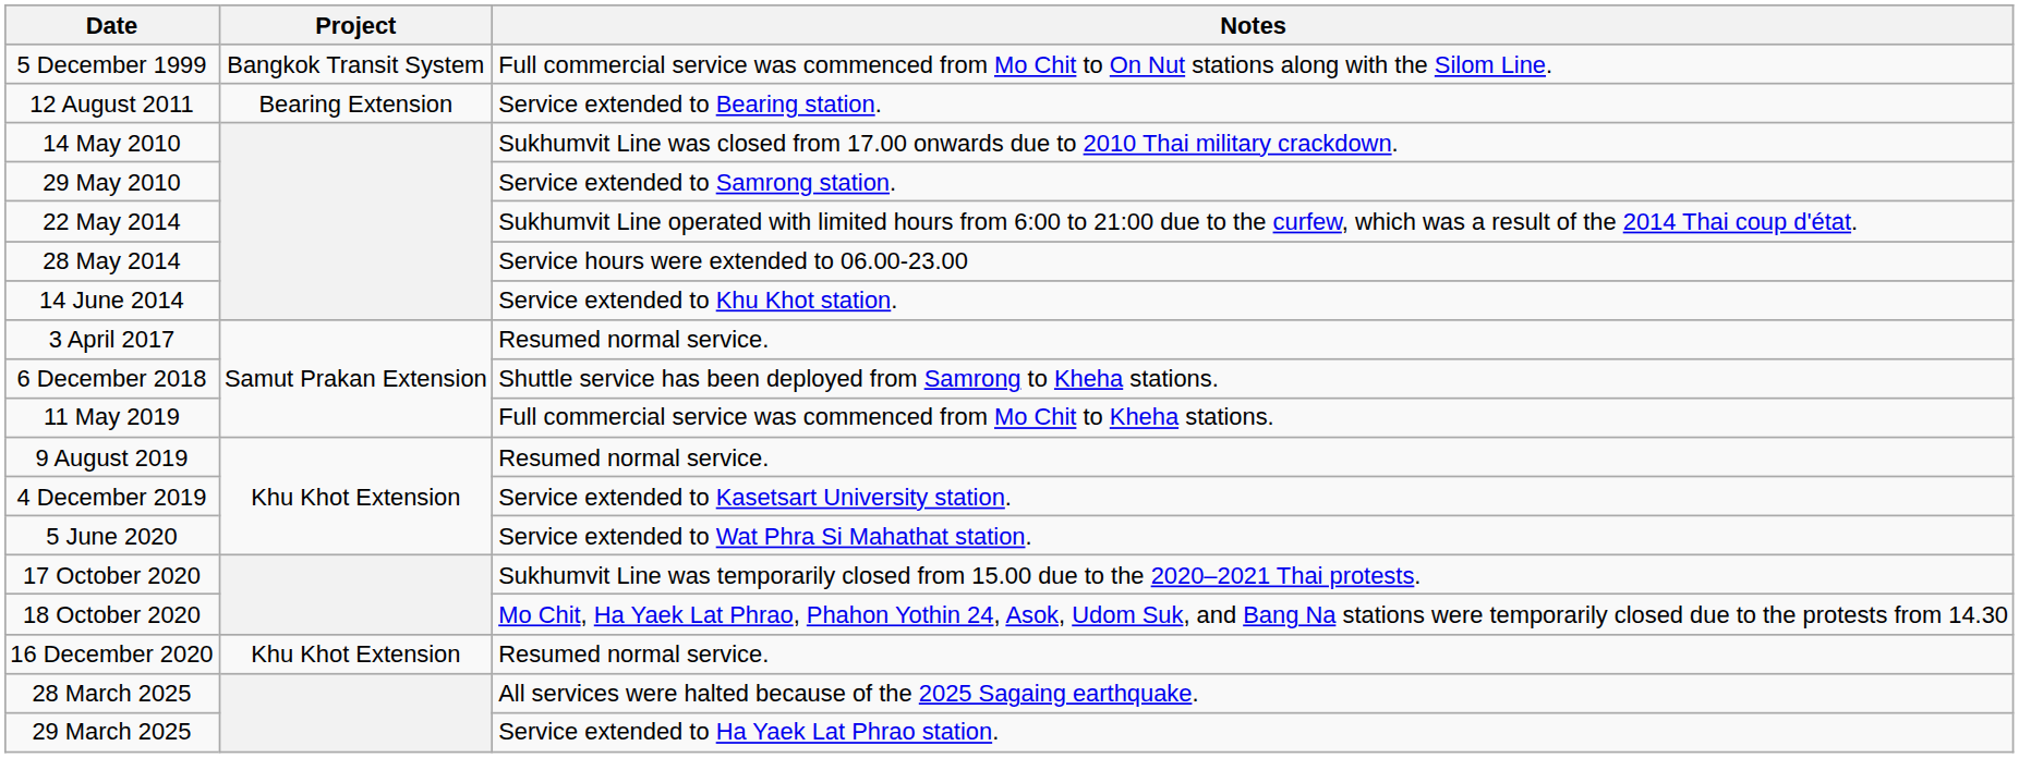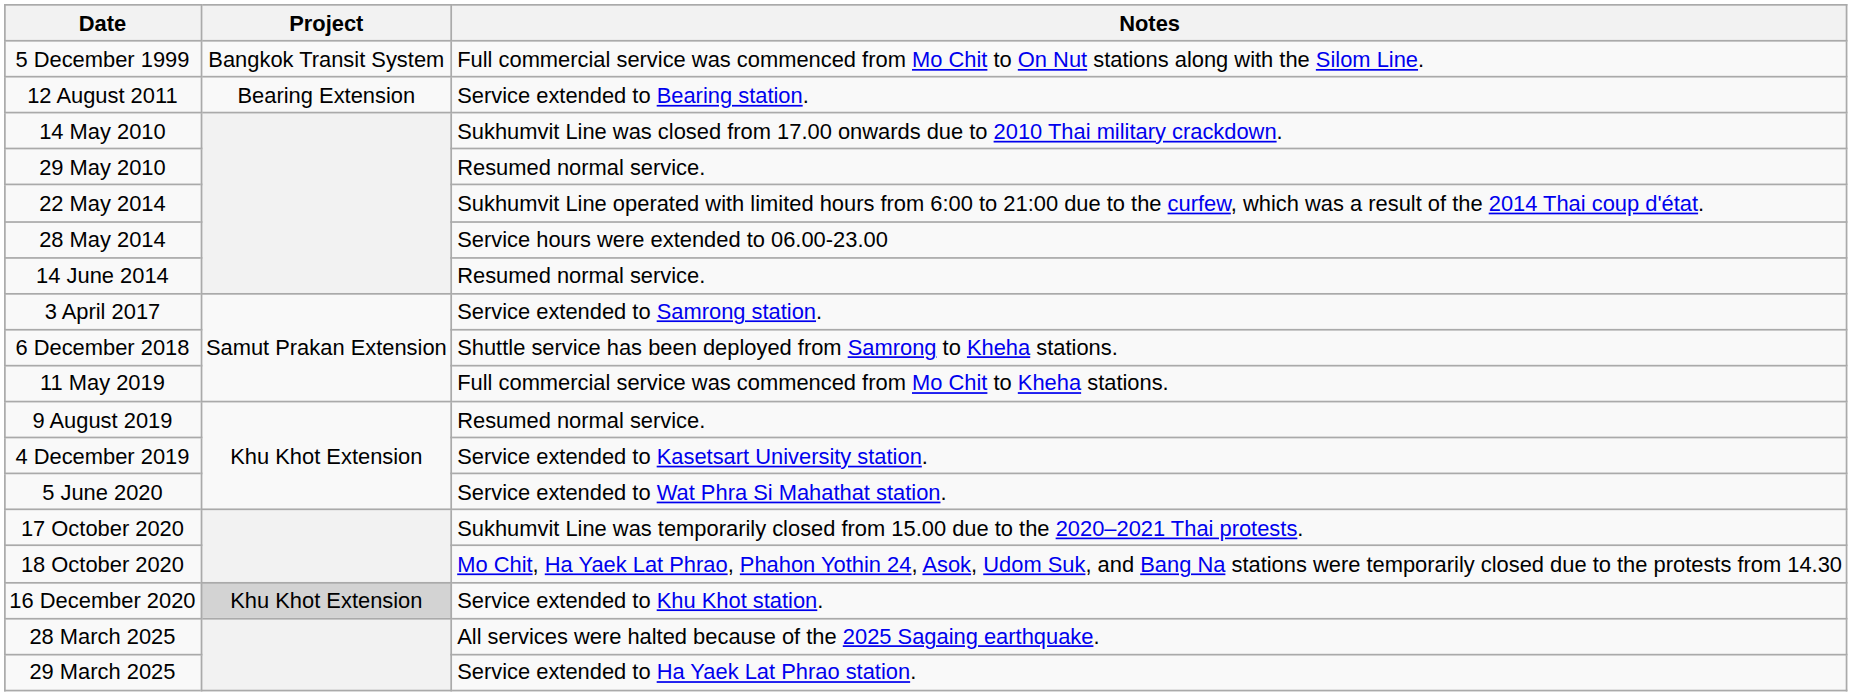 <table class="wikitable" style="margin:auto;font-align:center;text-align:center;font-size:80%;">
 <tr>
 <th style="background:#">Date</th>
 <th style="background:#">Project</th>
 <th style="background:#">Notes</th>
 </tr>
 <tr>
 <td>5 December 1999</td>
 <td>Bangkok Transit System</td>
 <td align="left">Full commercial service was commenced from <a href='#'>Mo Chit</a> to <a href='#'>On Nut</a> stations along with the <a href='#'>Silom Line</a>.</td>
 </tr>
 <tr>
 <td>12 August 2011</td>
 <td>Bearing Extension</td>
 <td align="left">Service extended to <a href='#'>Bearing station</a>.</td>
 </tr>
 <tr>
 <td>14 May 2010</td>
 <th rowspan="5"></th>
 <td align="left">Sukhumvit Line was closed from 17.00 onwards due to <a href='#'>2010 Thai military crackdown</a>.</td>
 </tr>
 <tr>
 <td>29 May 2010</td>
-<td align="left">Service extended to <a href='#'>Samrong station</a>.</td>
+<td align="left">Resumed normal service.</td>
 </tr>
 <tr>
 <td>22 May 2014</td>
 <td align="left">Sukhumvit Line operated with limited hours from 6:00 to 21:00 due to the <a href='#'>curfew</a>, which was a result of the <a href='#'>2014 Thai coup d'état</a>.</td>
 </tr>
 <tr>
 <td>28 May 2014</td>
 <td align="left">Service hours were extended to 06.00-23.00</td>
 </tr>
 <tr>
 <td>14 June 2014</td>
-<td align="left">Service extended to <a href='#'>Khu Khot station</a>.</td>
+<td align="left">Resumed normal service.</td>
 </tr>
 <tr>
 <td>3 April 2017</td>
 <td rowspan="3">Samut Prakan Extension</td>
-<td align="left">Resumed normal service.</td>
+<td align="left">Service extended to <a href='#'>Samrong station</a>.</td>
 </tr>
 <tr>
 <td>6 December 2018</td>
 <td align="left">Shuttle service has been deployed from <a href='#'>Samrong</a> to <a href='#'>Kheha</a> stations.</td>
 </tr>
 <tr>
 <td>11 May 2019</td>
 <td align="left">Full commercial service was commenced from <a href='#'>Mo Chit</a> to <a href='#'>Kheha</a> stations.</td>
 </tr>
 <tr>
 <td>9 August 2019</td>
 <td rowspan="3">Khu Khot Extension</td>
 <td align="left">Resumed normal service.</td>
 </tr>
 <tr>
 <td>4 December 2019</td>
 <td align="left">Service extended to <a href='#'>Kasetsart University station</a>.</td>
 </tr>
 <tr>
 <td>5 June 2020</td>
 <td align="left">Service extended to <a href='#'>Wat Phra Si Mahathat station</a>.</td>
 </tr>
 <tr>
 <td>17 October 2020</td>
 <th rowspan="2"></th>
 <td align="left">Sukhumvit Line was temporarily closed from 15.00 due to the <a href='#'>2020–2021 Thai protests</a>.</td>
 </tr>
 <tr>
 <td>18 October 2020</td>
 <td align="left"><a href='#'>Mo Chit</a>, <a href='#'>Ha Yaek Lat Phrao</a>, <a href='#'>Phahon Yothin 24</a>, <a href='#'>Asok</a>, <a href='#'>Udom Suk</a>, and <a href='#'>Bang Na</a> stations were temporarily closed due to the protests from 14.30</td>
 </tr>
 <tr>
 <td>16 December 2020</td>
-<td>Khu Khot Extension</td>
-<td align="left">Resumed normal service.</td>
+<td style="background: lightgrey;">Khu Khot Extension</td>
+<td align="left">Service extended to <a href='#'>Khu Khot station</a>.</td>
 </tr>
 <tr>
 <td>28 March 2025</td>
 <th rowspan="2"></th>
 <td align="left">All services were halted because of the <a href='#'>2025 Sagaing earthquake</a>.</td>
 </tr>
 <tr>
 <td>29 March 2025</td>
 <td align="left">Service extended to <a href='#'>Ha Yaek Lat Phrao station</a>.</td>
 </tr>
 </table>
